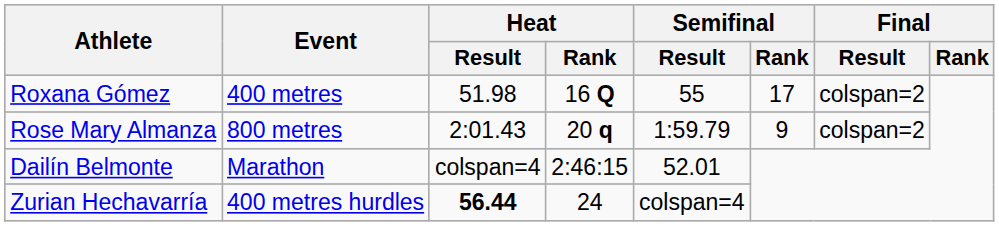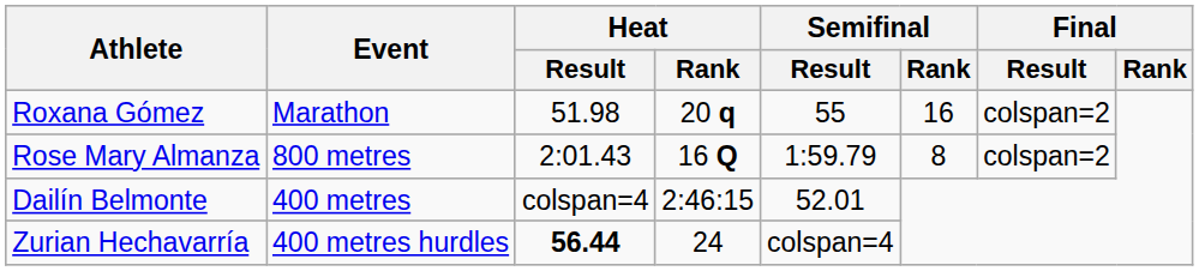 <table class=wikitable style=font-size:90%>
 <tr>
 <th rowspan=2>Athlete</th>
 <th rowspan=2>Event</th>
 <th colspan=2>Heat</th>
 <th colspan=2>Semifinal</th>
 <th colspan=2>Final</th>
 </tr>
 <tr style=font-size:95%>
 <th>Result</th>
 <th>Rank</th>
 <th>Result</th>
 <th>Rank</th>
 <th>Result</th>
 <th>Rank</th>
 </tr>
 <tr align=center>
 <td align=left><a href='#'>Roxana Gómez</a></td>
-<td align=left><a href='#'>400 metres</a></td>
+<td align=left><a href='#'>Marathon</a></td>
 <td>51.98</td>
-<td>16 <strong>Q</strong></td>
+<td>20 <strong>q</strong></td>
 <td>55</td>
-<td>17</td>
+<td>16</td>
 <td>colspan=2 </td>
 </tr>
 <tr align=center>
 <td align=left><a href='#'>Rose Mary Almanza</a></td>
 <td align=left><a href='#'>800 metres</a></td>
 <td>2:01.43</td>
-<td>20 <strong>q</strong></td>
+<td>16 <strong>Q</strong></td>
 <td>1:59.79</td>
-<td>9</td>
+<td>8</td>
 <td>colspan=2 </td>
 </tr>
 <tr align=center>
 <td align=left><a href='#'>Dailín Belmonte</a></td>
-<td align=left><a href='#'>Marathon</a></td>
+<td align=left><a href='#'>400 metres</a></td>
 <td>colspan=4 </td>
 <td>2:46:15 <strong></strong></td>
 <td>52.01</td>
 </tr>
 <tr align=center>
 <td align=left><a href='#'>Zurian Hechavarría</a></td>
 <td align=left><a href='#'>400 metres hurdles</a></td>
 <td><strong>56.44</strong></td>
 <td>24</td>
 <td>colspan=4 </td>
 </tr>
 </table>
